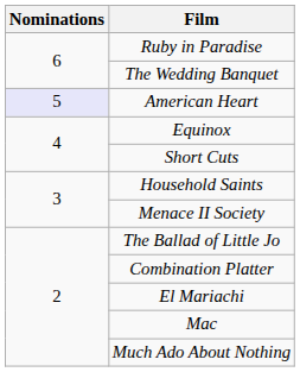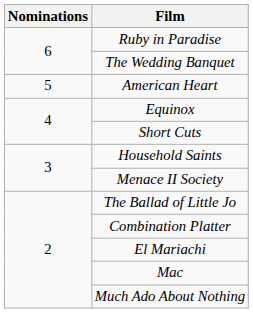 <table class="wikitable" rowspan=2 border=2 style="text-align:center;">
 <tr>
 <th>Nominations</th>
 <th>Film</th>
 </tr>
 <tr>
 <td rowspan="2">6</td>
 <td><em>Ruby in Paradise</em></td>
 </tr>
 <tr>
 <td><em>The Wedding Banquet</em></td>
 </tr>
 <tr>
-<td style="background: lavender;">5</td>
+<td>5</td>
 <td><em>American Heart</em></td>
 </tr>
 <tr>
 <td rowspan="2">4</td>
 <td><em>Equinox</em></td>
 </tr>
 <tr>
 <td><em>Short Cuts</em></td>
 </tr>
 <tr>
 <td rowspan="2">3</td>
 <td><em>Household Saints</em></td>
 </tr>
 <tr>
 <td><em>Menace II Society</em></td>
 </tr>
 <tr>
 <td rowspan="5">2</td>
 <td><em>The Ballad of Little Jo</em></td>
 </tr>
 <tr>
 <td><em>Combination Platter</em></td>
 </tr>
 <tr>
 <td><em>El Mariachi</em></td>
 </tr>
 <tr>
 <td><em>Mac</em></td>
 </tr>
 <tr>
 <td><em>Much Ado About Nothing</em></td>
 </tr>
 </table>
